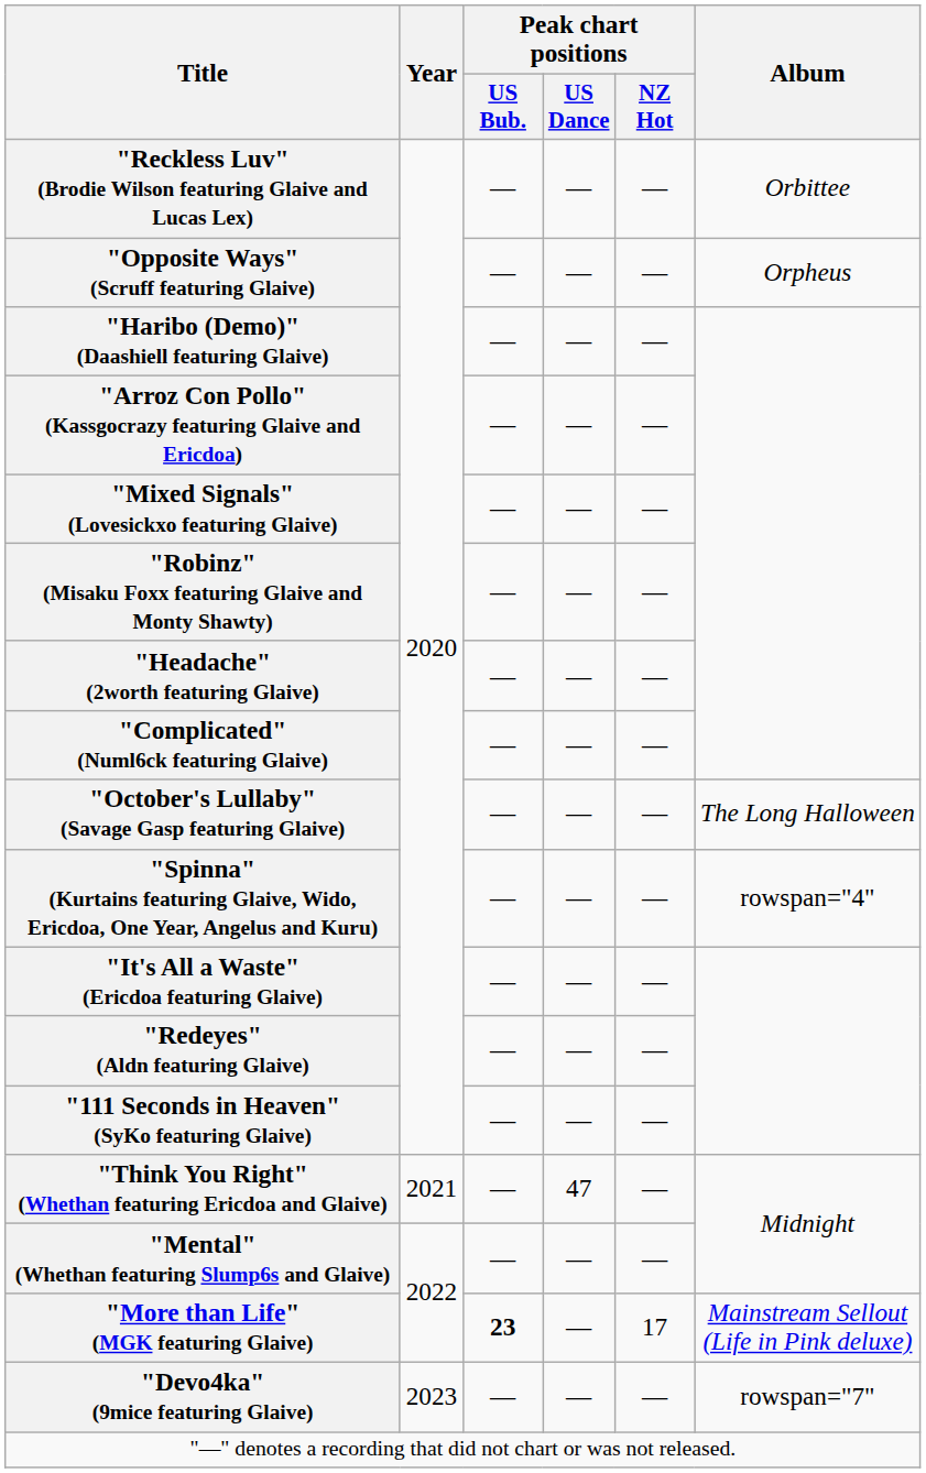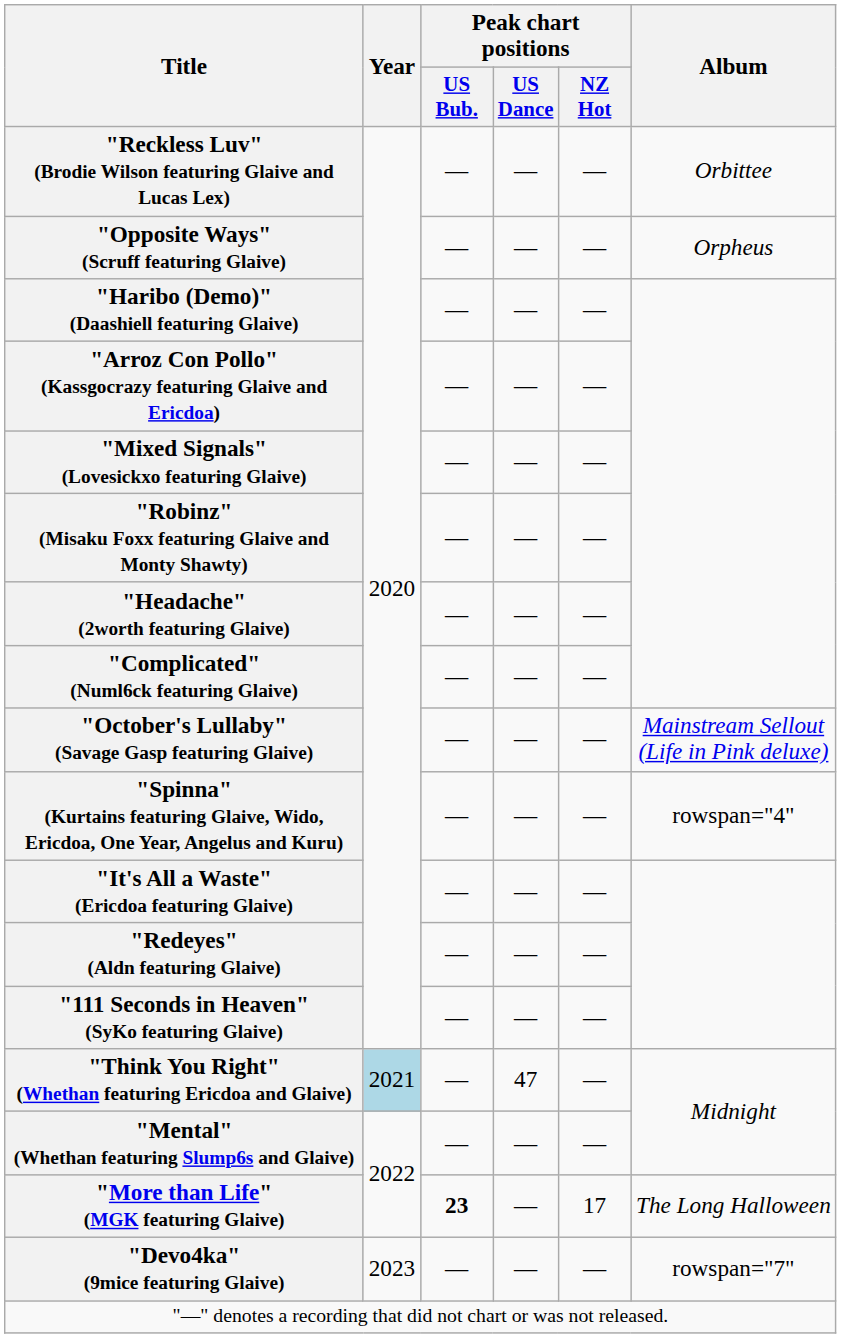 <table class="wikitable plainrowheaders" style="text-align:center;">
 <tr>
 <th scope="col" rowspan="2" style="width:15em;">Title</th>
 <th scope="col" rowspan="2">Year</th>
 <th colspan="3">Peak chart positions</th>
 <th scope="col" rowspan="2">Album</th>
 </tr>
 <tr>
 <th style="width:3em;font-size:90%;"><a href='#'>US<br>Bub.</a><br></th>
 <th scope="col" style="width:2.5em;font-size:90%;"><a href='#'>US<br>Dance</a><br></th>
 <th style="width:3em;font-size:90%;"><a href='#'>NZ Hot</a><br></th>
 </tr>
 <tr>
 <th scope="row">"Reckless Luv" <br><small>(Brodie Wilson featuring Glaive and Lucas Lex)</small></th>
 <td rowspan="13">2020</td>
 <td>—</td>
 <td>—</td>
 <td>—</td>
 <td><em>Orbittee</em></td>
 </tr>
 <tr>
 <th scope="row">"Opposite Ways" <br><small>(Scruff featuring Glaive)</small></th>
 <td>—</td>
 <td>—</td>
 <td>—</td>
 <td><em>Orpheus</em></td>
 </tr>
 <tr>
 <th scope="row">"Haribo (Demo)" <br><small>(Daashiell featuring Glaive)</small></th>
 <td>—</td>
 <td>—</td>
 <td>—</td>
 </tr>
 <tr>
 <th scope="row">"Arroz Con Pollo" <br><small>(Kassgocrazy featuring Glaive and <a href='#'>Ericdoa</a>)</small></th>
 <td>—</td>
 <td>—</td>
 <td>—</td>
 </tr>
 <tr>
 <th scope="row">"Mixed Signals" <br><small>(Lovesickxo featuring Glaive)</small></th>
 <td>—</td>
 <td>—</td>
 <td>—</td>
 </tr>
 <tr>
 <th scope="row">"Robinz" <br><small>(Misaku Foxx featuring Glaive and Monty Shawty)</small></th>
 <td>—</td>
 <td>—</td>
 <td>—</td>
 </tr>
 <tr>
 <th scope="row">"Headache" <br><small>(2worth featuring Glaive)</small></th>
 <td>—</td>
 <td>—</td>
 <td>—</td>
 </tr>
 <tr>
 <th scope="row">"Complicated" <br><small>(Numl6ck featuring Glaive)</small></th>
 <td>—</td>
 <td>—</td>
 <td>—</td>
 </tr>
 <tr>
 <th scope="row">"October's Lullaby" <br><small>(Savage Gasp featuring Glaive)</small></th>
 <td>—</td>
 <td>—</td>
 <td>—</td>
-<td><em>The Long Halloween</em></td>
+<td><em><a href='#'>Mainstream Sellout<br>(Life in Pink deluxe)</a></em></td>
 </tr>
 <tr>
 <th scope="row">"Spinna" <br><small>(Kurtains featuring Glaive, Wido, Ericdoa, One Year, Angelus and Kuru)</small></th>
 <td>—</td>
 <td>—</td>
 <td>—</td>
 <td>rowspan="4" </td>
 </tr>
 <tr>
 <th scope="row">"It's All a Waste" <br><small>(Ericdoa featuring Glaive)</small></th>
 <td>—</td>
 <td>—</td>
 <td>—</td>
 </tr>
 <tr>
 <th scope="row">"Redeyes" <br><small>(Aldn featuring Glaive)</small></th>
 <td>—</td>
 <td>—</td>
 <td>—</td>
 </tr>
 <tr>
 <th scope="row">"111 Seconds in Heaven" <br><small>(SyKo featuring Glaive)</small></th>
 <td>—</td>
 <td>—</td>
 <td>—</td>
 </tr>
 <tr>
 <th scope="row">"Think You Right" <br><small>(<a href='#'>Whethan</a> featuring Ericdoa and Glaive)</small></th>
-<td>2021</td>
+<td style="background: lightblue;">2021</td>
 <td>—</td>
 <td>47</td>
 <td>—</td>
 <td rowspan="2"><em>Midnight</em></td>
 </tr>
 <tr>
 <th scope="row">"Mental" <br><small>(Whethan featuring <a href='#'>Slump6s</a> and Glaive)</small></th>
 <td rowspan="2">2022</td>
 <td>—</td>
 <td>—</td>
 <td>—</td>
 </tr>
 <tr>
 <th scope="row">"<a href='#'>More than Life</a>"<br><small>(<a href='#'>MGK</a> featuring Glaive)</small></th>
 <td><strong>23</strong></td>
 <td>—</td>
 <td>17</td>
-<td><em><a href='#'>Mainstream Sellout<br>(Life in Pink deluxe)</a></em></td>
+<td><em>The Long Halloween</em></td>
 </tr>
 <tr>
 <th scope="row">"Devo4ka"<br><small>(9mice featuring Glaive)</small></th>
 <td>2023</td>
 <td>—</td>
 <td>—</td>
 <td>—</td>
 <td>rowspan="7" </td>
 </tr>
 <tr>
 <td colspan="6" style="font-size:85%">"—" denotes a recording that did not chart or was not released.</td>
 </tr>
 </table>
